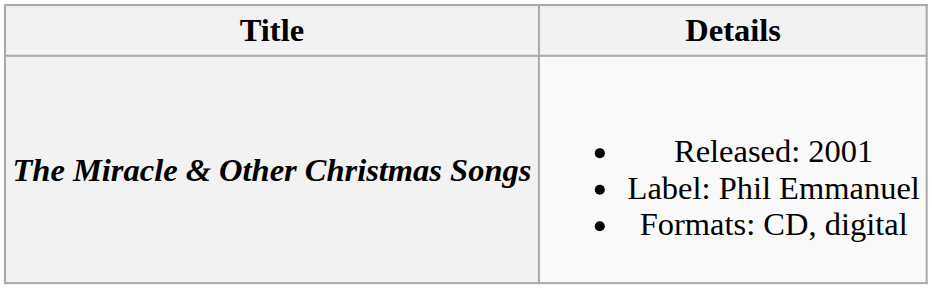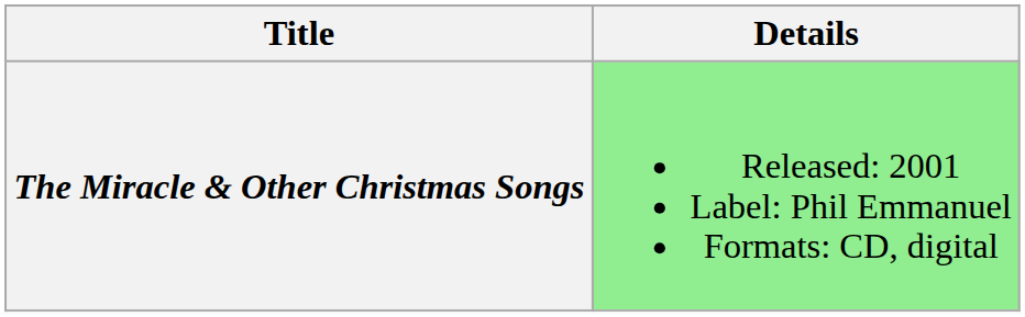 <table class="wikitable plainrowheaders" style="text-align:center;" border="1">
 <tr>
 <th>Title</th>
 <th>Details</th>
 </tr>
 <tr>
 <th scope="row"><em>The Miracle & Other Christmas Songs</em></th>
-<td><br><ul><li>Released: 2001</li><li>Label: Phil Emmanuel</li><li>Formats: CD, digital</li></ul></td>
+<td style="background: lightgreen;"><br><ul><li>Released: 2001</li><li>Label: Phil Emmanuel</li><li>Formats: CD, digital</li></ul></td>
 </tr>
 </table>
